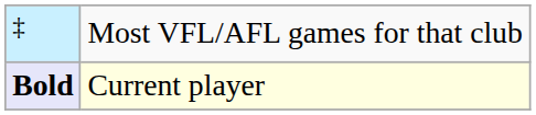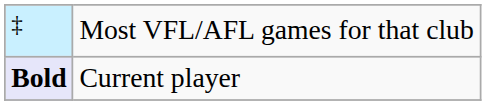 <table class=wikitable>
 <tr>
 <td bgcolor=C9F0FF><sup>‡</sup></td>
 <td>Most VFL/AFL games for that club</td>
 </tr>
 <tr>
 <td bgcolor=E6E6FA><strong>Bold</strong></td>
-<td style="background: lightyellow;">Current player</td>
+<td>Current player</td>
 </tr>
 </table>
